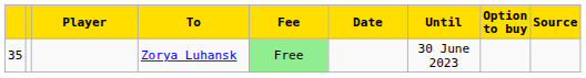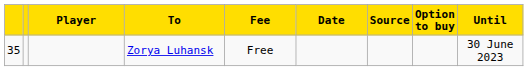 <table class="wikitable sortable">
 <tr>
 <th style="background:#FFDE00"></th>
 <th style="background:#FFDE00"></th>
 <th width=200 style="background:#FFDE00">Player</th>
 <th width=200 style="background:#FFDE00">To</th>
 <th width=150 style="background:#FFDE00">Fee</th>
 <th width=150 style="background:#FFDE00">Date</th>
+<th style="background:#FFDE00">Source</th>
+<th style="background:#FFDE00">Option to buy</th>
 <th width=120 style="background:#FFDE00">Until</th>
-<th style="background:#FFDE00">Option to buy</th>
-<th style="background:#FFDE00">Source</th>
 </tr>
 <tr>
 <td align=center>35</td>
 <td align=center></td>
 <td></td>
 <td> <a href='#'>Zorya Luhansk</a></td>
-<td align=center style="background: lightgreen;">Free</td>
+<td align=center>Free</td>
+<td align=center></td>
+<td align=center></td>
 <td align=center></td>
 <td align=center>30 June 2023</td>
-<td align=center></td>
-<td align=center></td>
 </tr>
 </table>
